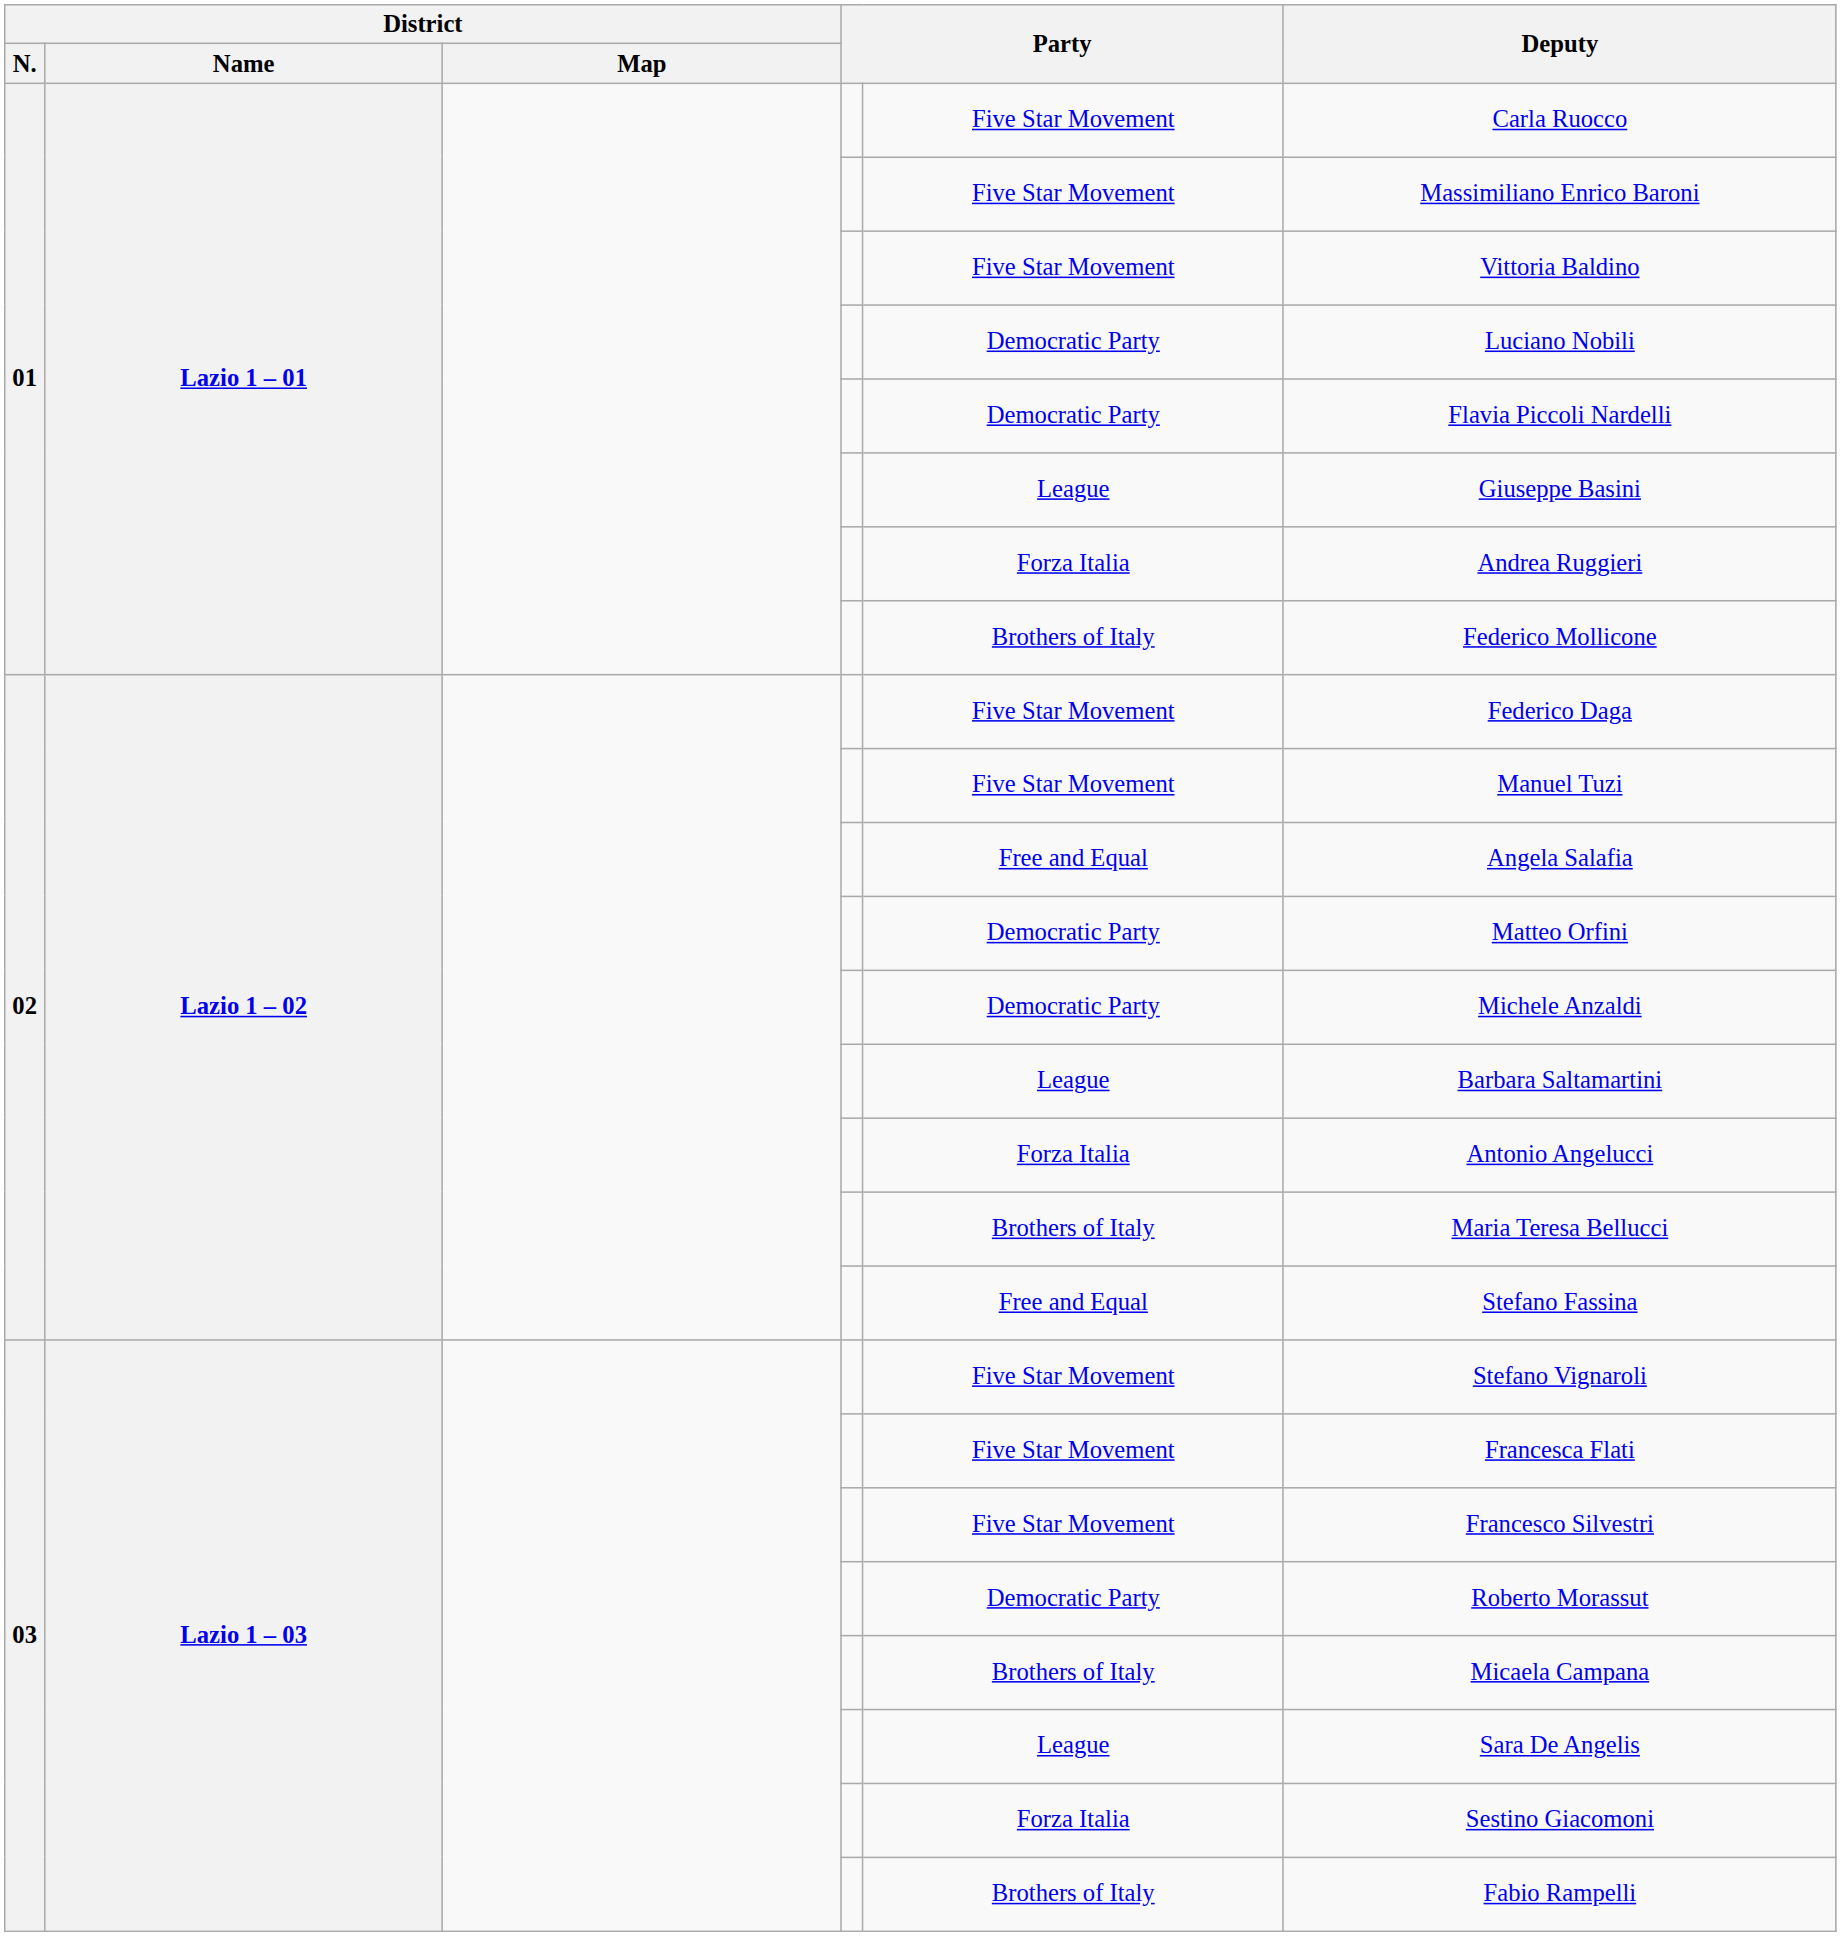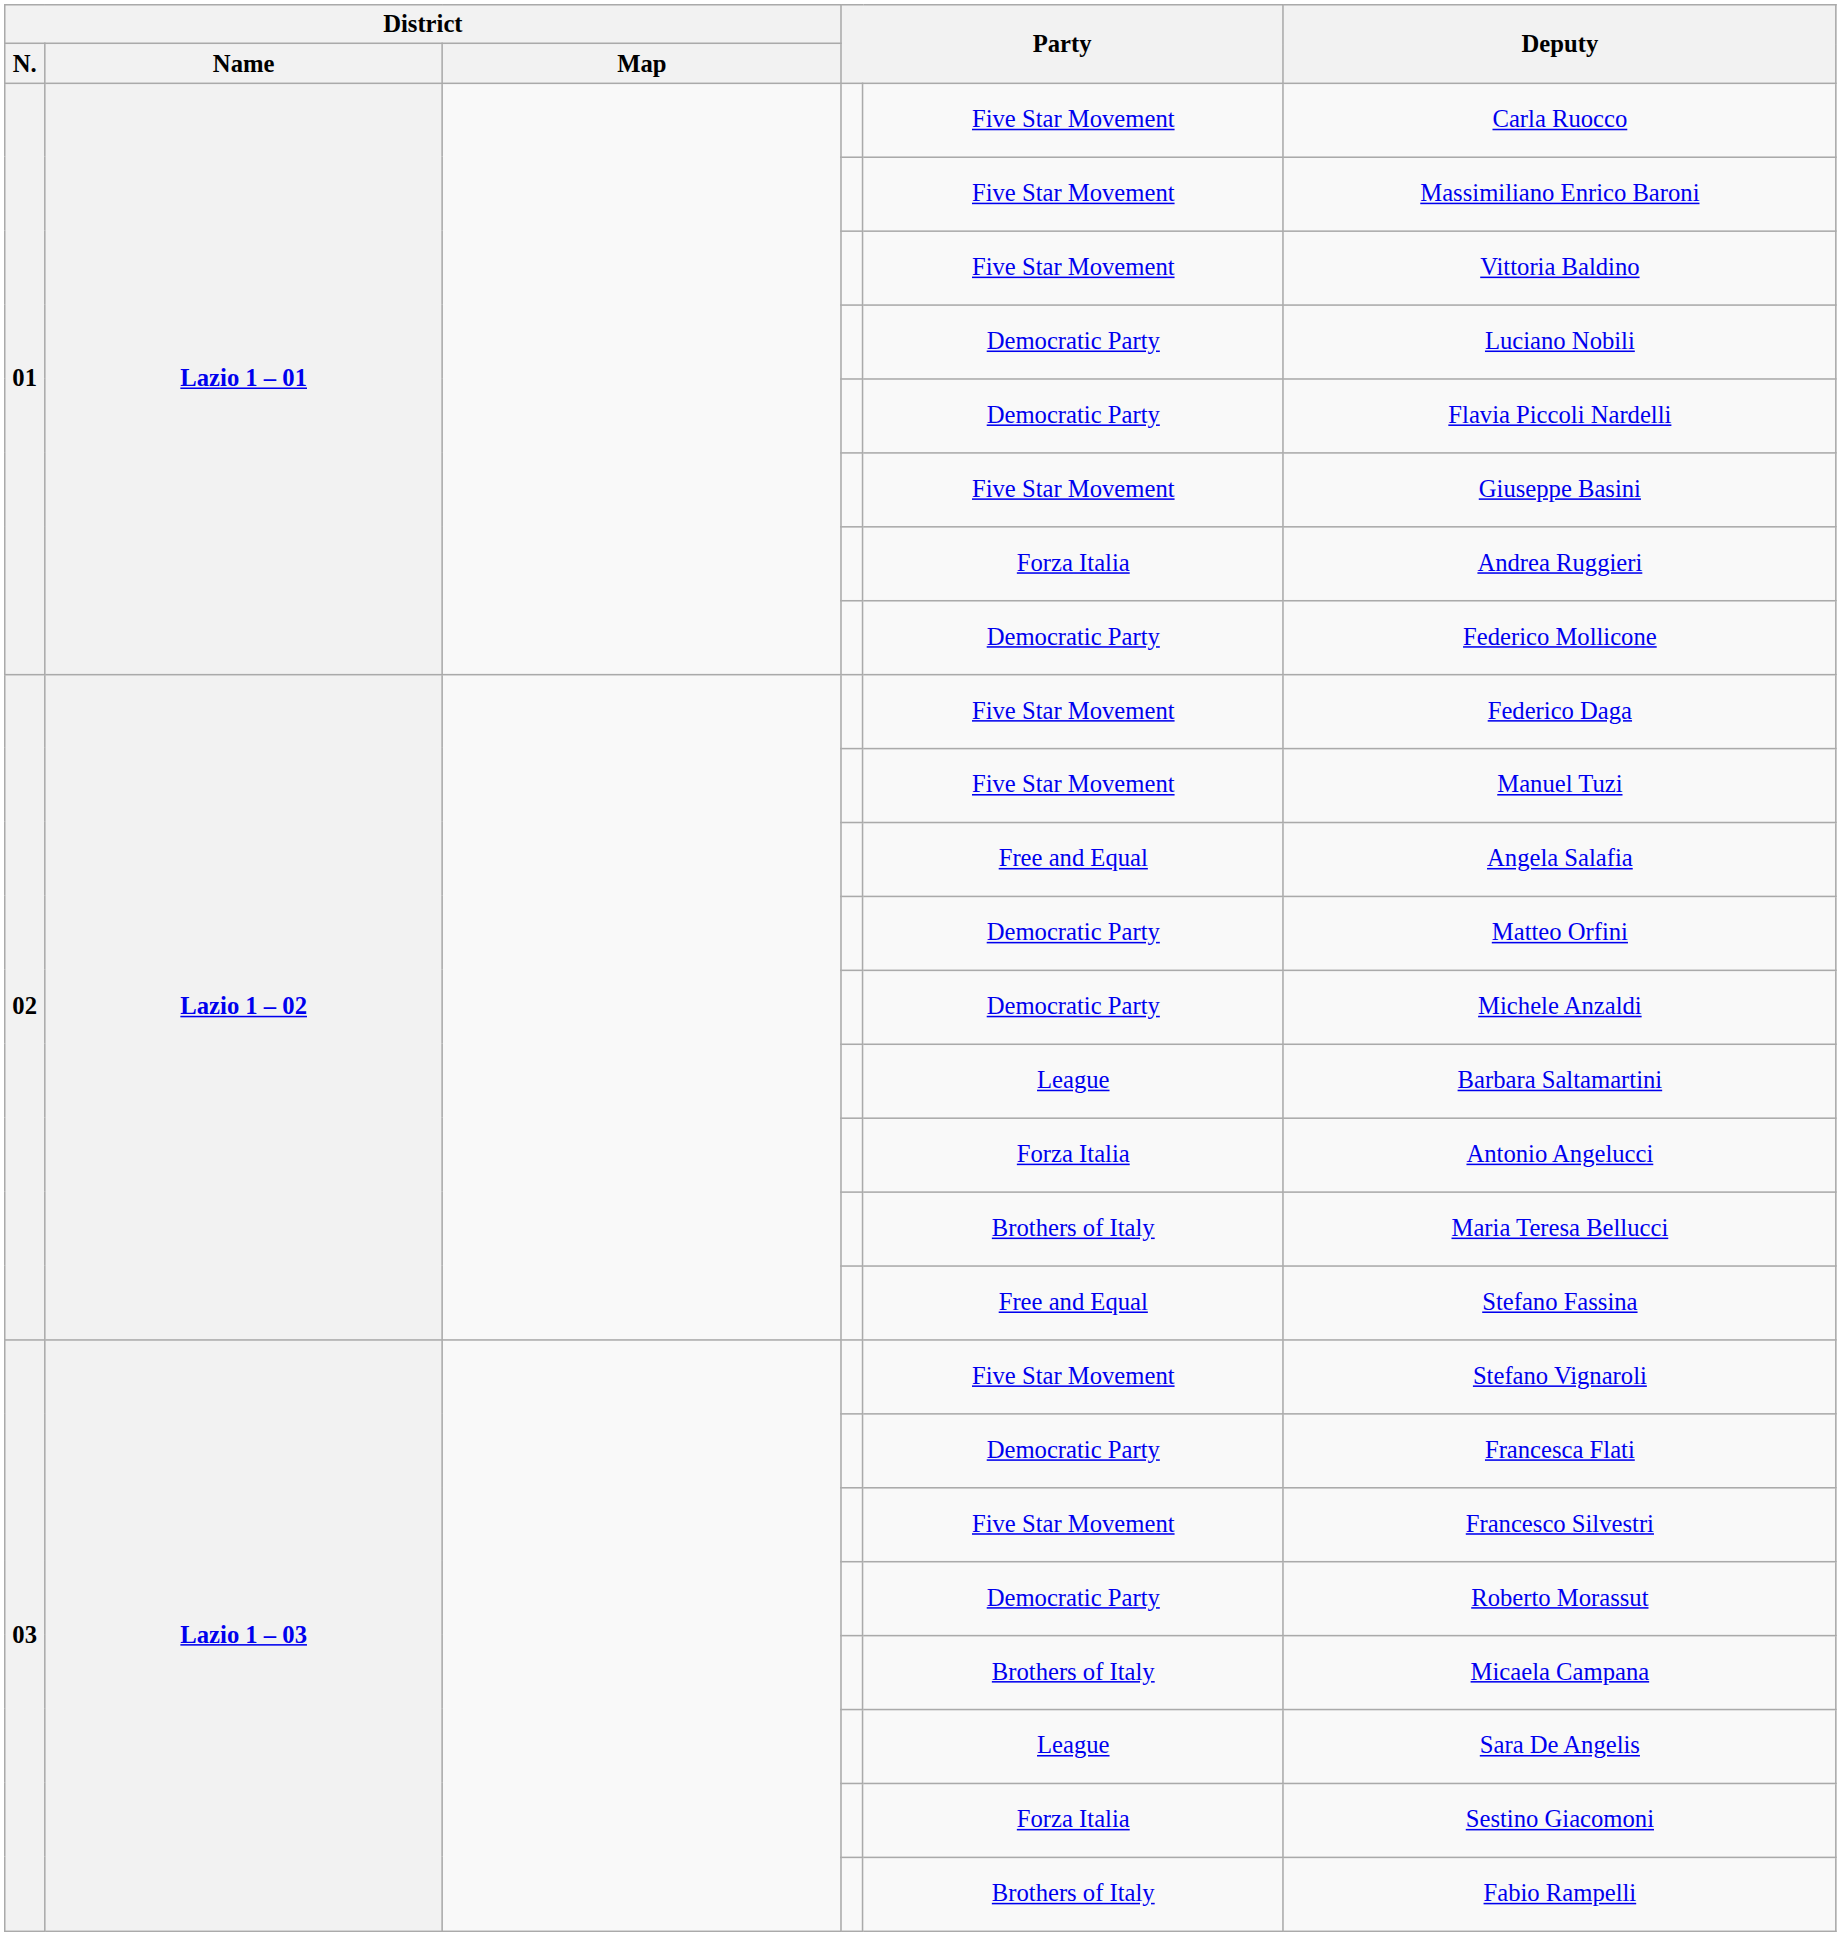 <table class="wikitable" style="text-align:center; style="width=60%">
 <tr>
 <th width=35% colspan="3">District</th>
 <th width=20% colspan="2" rowspan="2">Party</th>
 <th width=25% rowspan="2">Deputy</th>
 </tr>
 <tr>
 <th width=1%>N.</th>
 <th width=18%>Name</th>
 <th width=18%>Map</th>
 </tr>
 <tr style="height:3em;">
 <th rowspan="8">01</th>
 <th rowspan="8"><a href='#'>Lazio 1 – 01</a></th>
 <td rowspan="8"></td>
 <td style="background:"></td>
 <td><a href='#'>Five Star Movement</a></td>
 <td><a href='#'>Carla Ruocco</a></td>
 </tr>
 <tr style="height:3em;">
 <td style="background:"></td>
 <td><a href='#'>Five Star Movement</a></td>
 <td><a href='#'>Massimiliano Enrico Baroni</a></td>
 </tr>
 <tr style="height:3em;">
 <td style="background:"></td>
 <td><a href='#'>Five Star Movement</a></td>
 <td><a href='#'>Vittoria Baldino</a></td>
 </tr>
 <tr style="height:3em;">
 <td style="background:"></td>
 <td><a href='#'>Democratic Party</a></td>
 <td><a href='#'>Luciano Nobili</a></td>
 </tr>
 <tr style="height:3em;">
 <td style="background:"></td>
 <td><a href='#'>Democratic Party</a></td>
 <td><a href='#'>Flavia Piccoli Nardelli</a></td>
 </tr>
 <tr style="height:3em;">
 <td style="background:"></td>
-<td><a href='#'>League</a></td>
+<td><a href='#'>Five Star Movement</a></td>
 <td><a href='#'>Giuseppe Basini</a></td>
 </tr>
 <tr style="height:3em;">
 <td style="background:"></td>
 <td><a href='#'>Forza Italia</a></td>
 <td><a href='#'>Andrea Ruggieri</a></td>
 </tr>
 <tr style="height:3em;">
 <td style="background:"></td>
-<td><a href='#'>Brothers of Italy</a></td>
+<td><a href='#'>Democratic Party</a></td>
 <td><a href='#'>Federico Mollicone</a></td>
 </tr>
 <tr style="height:3em;">
 <th rowspan="9">02</th>
 <th rowspan="9"><a href='#'>Lazio 1 – 02</a></th>
 <td rowspan="9"></td>
 <td style="background:"></td>
 <td><a href='#'>Five Star Movement</a></td>
 <td><a href='#'>Federico Daga</a></td>
 </tr>
 <tr style="height:3em;">
 <td style="background:"></td>
 <td><a href='#'>Five Star Movement</a></td>
 <td><a href='#'>Manuel Tuzi</a></td>
 </tr>
 <tr style="height:3em;">
 <td style="background:"></td>
 <td><a href='#'>Free and Equal</a></td>
 <td><a href='#'>Angela Salafia</a></td>
 </tr>
 <tr style="height:3em;">
 <td style="background:"></td>
 <td><a href='#'>Democratic Party</a></td>
 <td><a href='#'>Matteo Orfini</a></td>
 </tr>
 <tr style="height:3em;">
 <td style="background:"></td>
 <td><a href='#'>Democratic Party</a></td>
 <td><a href='#'>Michele Anzaldi</a></td>
 </tr>
 <tr style="height:3em;">
 <td style="background:"></td>
 <td><a href='#'>League</a></td>
 <td><a href='#'>Barbara Saltamartini</a></td>
 </tr>
 <tr style="height:3em;">
 <td style="background:"></td>
 <td><a href='#'>Forza Italia</a></td>
 <td><a href='#'>Antonio Angelucci</a></td>
 </tr>
 <tr style="height:3em;">
 <td style="background:"></td>
 <td><a href='#'>Brothers of Italy</a></td>
 <td><a href='#'>Maria Teresa Bellucci</a></td>
 </tr>
 <tr style="height:3em;">
 <td style="background:"></td>
 <td><a href='#'>Free and Equal</a></td>
 <td><a href='#'>Stefano Fassina</a></td>
 </tr>
 <tr style="height:3em;">
 <th rowspan="8">03</th>
 <th rowspan="8"><a href='#'>Lazio 1 – 03</a></th>
 <td rowspan="8"></td>
 <td style="background:"></td>
 <td><a href='#'>Five Star Movement</a></td>
 <td><a href='#'>Stefano Vignaroli</a></td>
 </tr>
 <tr style="height:3em;">
 <td style="background:"></td>
-<td><a href='#'>Five Star Movement</a></td>
+<td><a href='#'>Democratic Party</a></td>
 <td><a href='#'>Francesca Flati</a></td>
 </tr>
 <tr style="height:3em;">
 <td style="background:"></td>
 <td><a href='#'>Five Star Movement</a></td>
 <td><a href='#'>Francesco Silvestri</a></td>
 </tr>
 <tr style="height:3em;">
 <td style="background:"></td>
 <td><a href='#'>Democratic Party</a></td>
 <td><a href='#'>Roberto Morassut</a></td>
 </tr>
 <tr style="height:3em;">
 <td style="background:"></td>
 <td><a href='#'>Brothers of Italy</a></td>
 <td><a href='#'>Micaela Campana</a></td>
 </tr>
 <tr style="height:3em;">
 <td style="background:"></td>
 <td><a href='#'>League</a></td>
 <td><a href='#'>Sara De Angelis</a></td>
 </tr>
 <tr style="height:3em;">
 <td style="background:"></td>
 <td><a href='#'>Forza Italia</a></td>
 <td><a href='#'>Sestino Giacomoni</a></td>
 </tr>
 <tr style="height:3em;">
 <td style="background:"></td>
 <td><a href='#'>Brothers of Italy</a></td>
 <td><a href='#'>Fabio Rampelli</a></td>
 </tr>
 </table>
